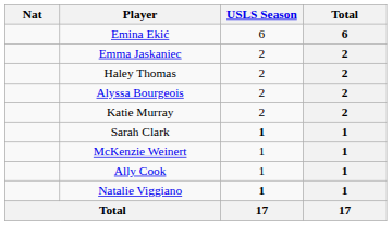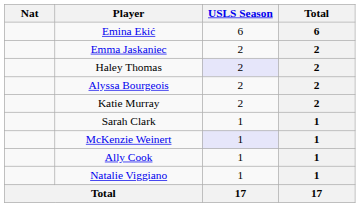 <table class="wikitable" style="text-align:center;">
 <tr>
 <th style="width:64px;">Nat</th>
 <th style="width:200px;">Player</th>
 <th style="width:100px;"><a href='#'>USLS Season</a></th>
 <th style="width:100px;">Total</th>
 </tr>
 <tr>
 <td></td>
 <td><a href='#'>Emina Ekić</a></td>
 <td>6</td>
 <th>6</th>
 </tr>
 <tr>
 <td></td>
 <td><a href='#'>Emma Jaskaniec</a></td>
 <td>2</td>
 <th>2</th>
 </tr>
 <tr>
 <td></td>
 <td>Haley Thomas</td>
-<td>2</td>
+<td style="background: lavender;">2</td>
 <th>2</th>
 </tr>
 <tr>
 <td></td>
 <td><a href='#'>Alyssa Bourgeois</a></td>
 <td>2</td>
 <th>2</th>
 </tr>
 <tr>
 <td></td>
 <td>Katie Murray</td>
 <td>2</td>
 <th>2</th>
 </tr>
 <tr>
 <td></td>
 <td>Sarah Clark</td>
-<td><strong>1</strong></td>
+<td>1</td>
 <th>1</th>
 </tr>
 <tr>
 <td></td>
 <td><a href='#'>McKenzie Weinert</a></td>
-<td>1</td>
+<td style="background: lavender;">1</td>
 <th>1</th>
 </tr>
 <tr>
 <td></td>
 <td><a href='#'>Ally Cook</a></td>
 <td>1</td>
 <th>1</th>
 </tr>
 <tr>
 <td></td>
 <td><a href='#'>Natalie Viggiano</a></td>
-<td><strong>1</strong></td>
+<td>1</td>
 <th>1</th>
 </tr>
 <tr>
 <th colspan="2">Total</th>
 <th>17</th>
 <th>17</th>
 </tr>
 </table>
